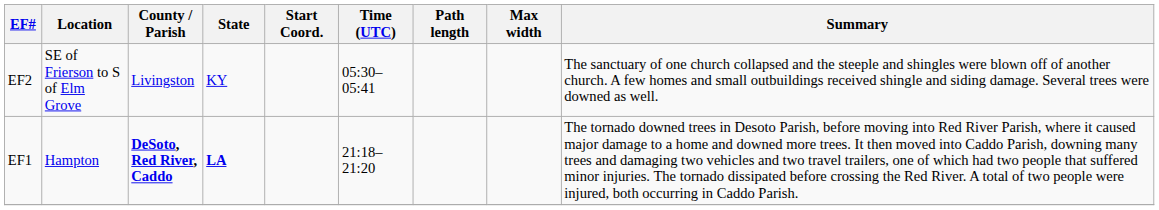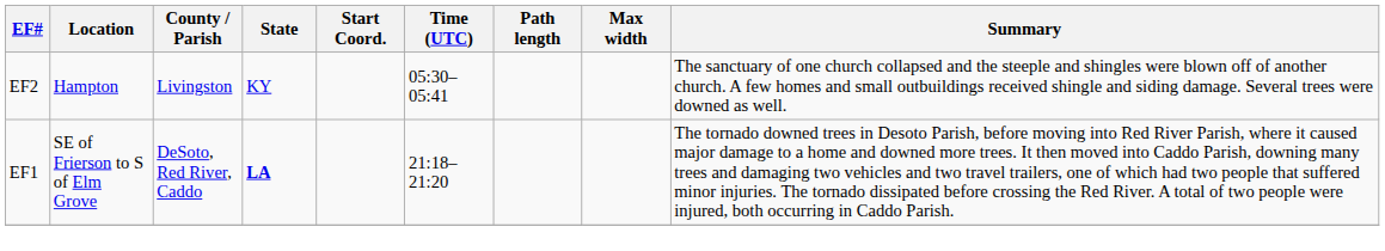 <table class="wikitable sortable" style="width:100%;">
 <tr>
 <th scope="col"  style="width:3%; text-align:center;"><a href='#'>EF#</a></th>
 <th scope="col"  style="width:7%; text-align:center;" class="unsortable">Location</th>
 <th scope="col"  style="width:6%; text-align:center;" class="unsortable">County / Parish</th>
 <th scope="col"  style="width:5%; text-align:center;">State</th>
 <th scope="col"  style="width:6%; text-align:center;">Start Coord.</th>
 <th scope="col"  style="width:6%; text-align:center;">Time (<a href='#'>UTC</a>)</th>
 <th scope="col"  style="width:6%; text-align:center;">Path length</th>
 <th scope="col"  style="width:6%; text-align:center;">Max width</th>
 <th scope="col" class="unsortable" style="width:48%; text-align:center;">Summary</th>
 </tr>
 <tr>
 <td>EF2</td>
-<td>SE of <a href='#'>Frierson</a> to S of <a href='#'>Elm Grove</a></td>
+<td><a href='#'>Hampton</a></td>
 <td><a href='#'>Livingston</a></td>
 <td><a href='#'>KY</a></td>
 <td></td>
 <td>05:30–05:41</td>
 <td></td>
 <td></td>
 <td>The sanctuary of one church collapsed and the steeple and shingles were blown off of another church. A few homes and small outbuildings received shingle and siding damage. Several trees were downed as well.</td>
 </tr>
 <tr>
 <td>EF1</td>
-<td><a href='#'>Hampton</a></td>
-<td><strong><a href='#'>DeSoto</a>, <a href='#'>Red River</a>, <a href='#'>Caddo</a></strong></td>
+<td>SE of <a href='#'>Frierson</a> to S of <a href='#'>Elm Grove</a></td>
+<td><a href='#'>DeSoto</a>, <a href='#'>Red River</a>, <a href='#'>Caddo</a></td>
 <td><strong><a href='#'>LA</a></strong></td>
 <td></td>
 <td>21:18–21:20</td>
 <td></td>
 <td></td>
 <td>The tornado downed trees in Desoto Parish, before moving into Red River Parish, where it caused major damage to a home and downed more trees. It then moved into Caddo Parish, downing many trees and damaging two vehicles and two travel trailers, one of which had two people that suffered minor injuries. The tornado dissipated before crossing the Red River. A total of two people were injured, both occurring in Caddo Parish.<br></td>
 </tr>
 <tr>
 </tr>
 </table>
